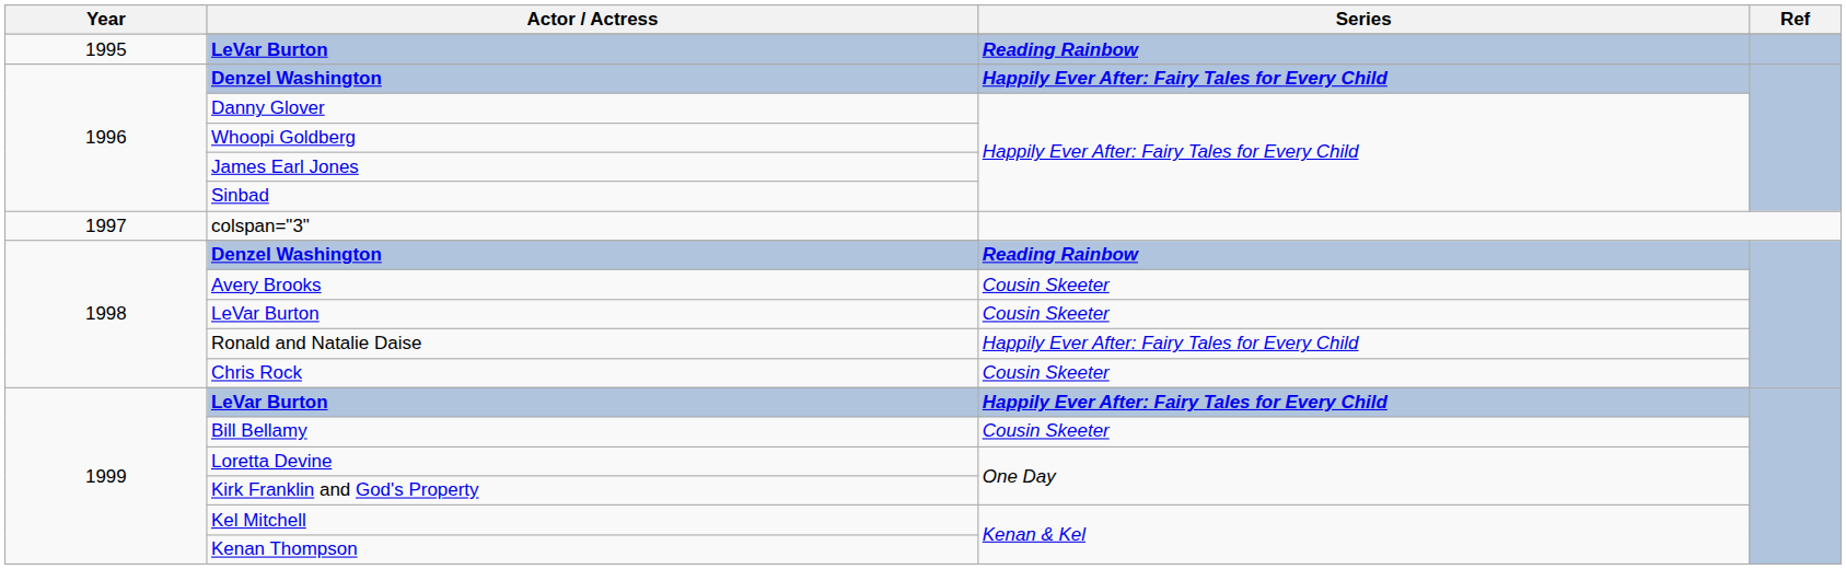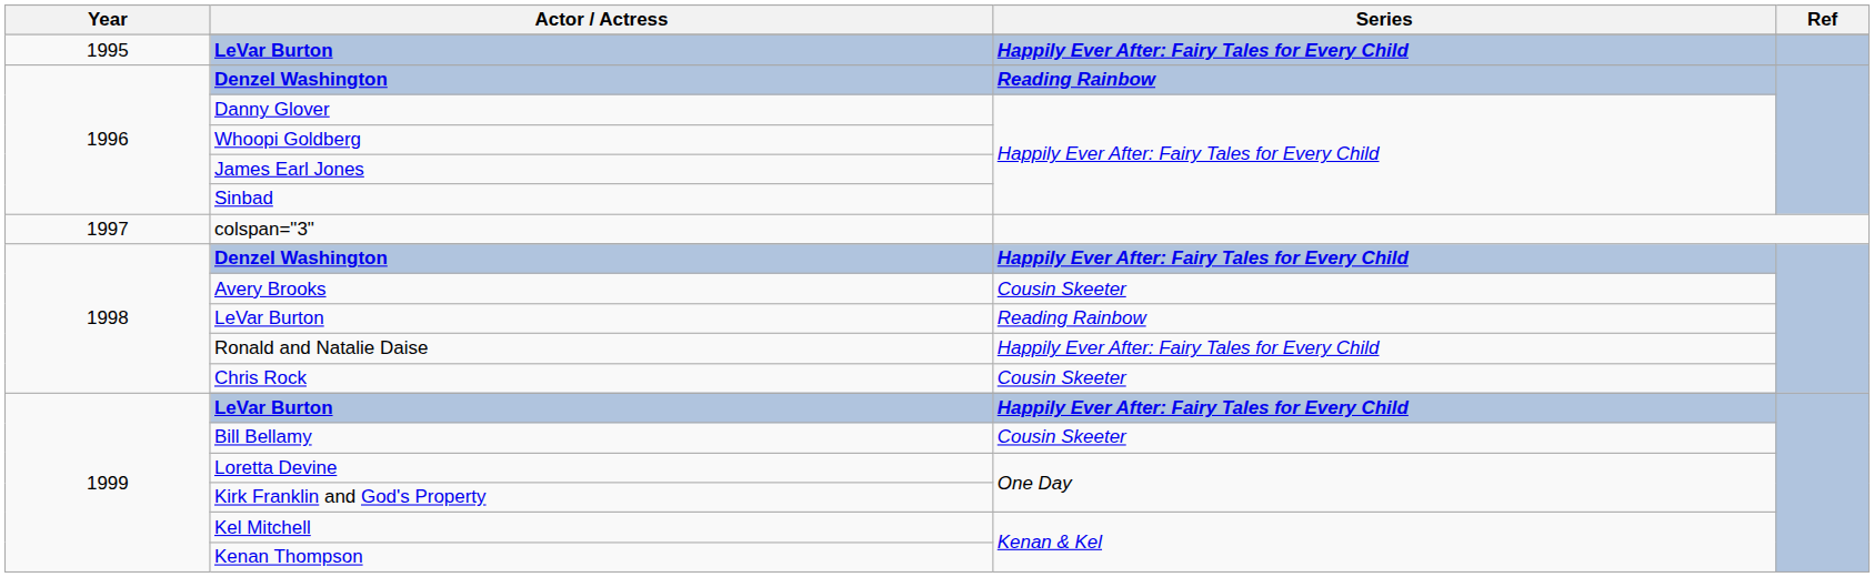 <table class="wikitable" style="width:100%;">
 <tr style="background:#bebebe;">
 <th style="width:11%;">Year</th>
 <th style="width:42%;">Actor / Actress</th>
 <th style="width:42%;">Series</th>
 <th style="width:5%;">Ref</th>
 </tr>
 <tr>
 <td rowspan="2" align="center">1995</td>
 </tr>
 <tr style="background:#B0C4DE">
 <td><strong><a href='#'>LeVar Burton</a></strong></td>
-<td><strong><em><a href='#'>Reading Rainbow</a></em></strong></td>
+<td><strong><em><a href='#'>Happily Ever After: Fairy Tales for Every Child</a></em></strong></td>
 <td rowspan="2" align="center"></td>
 </tr>
 <tr>
 <td rowspan="6" align="center">1996</td>
 </tr>
 <tr style="background:#B0C4DE">
 <td><strong><a href='#'>Denzel Washington</a></strong></td>
-<td><strong><em><a href='#'>Happily Ever After: Fairy Tales for Every Child</a></em></strong></td>
+<td><strong><em><a href='#'>Reading Rainbow</a></em></strong></td>
 <td rowspan="5" align="center"></td>
 </tr>
 <tr>
 <td><a href='#'>Danny Glover</a></td>
 <td rowspan="4"><em><a href='#'>Happily Ever After: Fairy Tales for Every Child</a></em></td>
 </tr>
 <tr>
 <td><a href='#'>Whoopi Goldberg</a></td>
 </tr>
 <tr>
 <td><a href='#'>James Earl Jones</a></td>
 </tr>
 <tr>
 <td><a href='#'>Sinbad</a></td>
 </tr>
 <tr>
 <td align="center">1997</td>
 <td>colspan="3" </td>
 </tr>
 <tr>
 <td rowspan="6" align="center">1998</td>
 </tr>
 <tr style="background:#B0C4DE">
 <td><strong><a href='#'>Denzel Washington</a></strong></td>
-<td><strong><em><a href='#'>Reading Rainbow</a></em></strong></td>
+<td><strong><em><a href='#'>Happily Ever After: Fairy Tales for Every Child</a></em></strong></td>
 <td rowspan="6" align="center"></td>
 </tr>
 <tr>
 <td><a href='#'>Avery Brooks</a></td>
 <td><em><a href='#'>Cousin Skeeter</a></em></td>
 </tr>
 <tr>
 <td><a href='#'>LeVar Burton</a></td>
-<td><em><a href='#'>Cousin Skeeter</a></em></td>
+<td><em><a href='#'>Reading Rainbow</a></em></td>
 </tr>
 <tr>
 <td>Ronald and Natalie Daise</td>
 <td><em><a href='#'>Happily Ever After: Fairy Tales for Every Child</a></em></td>
 </tr>
 <tr>
 <td><a href='#'>Chris Rock</a></td>
 <td><em><a href='#'>Cousin Skeeter</a></em></td>
 </tr>
 <tr>
 <td rowspan="7" align="center">1999</td>
 </tr>
 <tr style="background:#B0C4DE">
 <td><strong><a href='#'>LeVar Burton</a></strong></td>
 <td><strong><em><a href='#'>Happily Ever After: Fairy Tales for Every Child</a></em></strong></td>
 <td rowspan="7" align="center"></td>
 </tr>
 <tr>
 <td><a href='#'>Bill Bellamy</a></td>
 <td><em><a href='#'>Cousin Skeeter</a></em></td>
 </tr>
 <tr>
 <td><a href='#'>Loretta Devine</a></td>
 <td rowspan="2"><em>One Day</em></td>
 </tr>
 <tr>
 <td><a href='#'>Kirk Franklin</a> and <a href='#'>God's Property</a></td>
 </tr>
 <tr>
 <td><a href='#'>Kel Mitchell</a></td>
 <td rowspan="2"><em><a href='#'>Kenan & Kel</a></em></td>
 </tr>
 <tr>
 <td><a href='#'>Kenan Thompson</a></td>
 </tr>
 </table>
